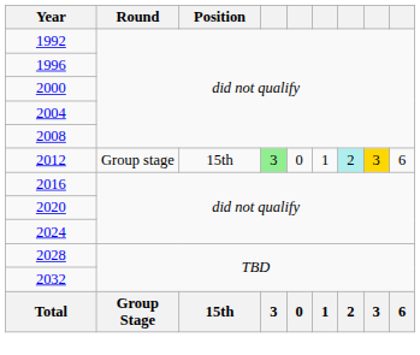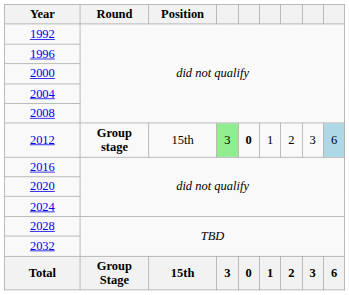 <table class="wikitable" style="text-align: center;">
 <tr>
 <th width="90">Year</th>
 <th width="80">Round</th>
 <th width="80">Position</th>
 <th width="20"></th>
 <th width="20"></th>
 <th width="20"></th>
 <th width="20"></th>
 <th width="20"></th>
 <th width="20"></th>
 </tr>
 <tr>
 <td> <a href='#'>1992</a></td>
 <td rowspan=5 colspan=8><em>did not qualify</em></td>
 </tr>
 <tr>
 <td> <a href='#'>1996</a></td>
 </tr>
 <tr>
 <td> <a href='#'>2000</a></td>
 </tr>
 <tr>
 <td> <a href='#'>2004</a></td>
 </tr>
 <tr>
 <td> <a href='#'>2008</a></td>
 </tr>
 <tr>
 <td> <a href='#'>2012</a></td>
-<td>Group stage</td>
+<td><strong>Group stage</strong></td>
 <td>15th</td>
 <td style="background: lightgreen;">3</td>
-<td>0</td>
+<td><strong>0</strong></td>
 <td>1</td>
-<td style="background: paleturquoise;">2</td>
-<td style="background: gold;">3</td>
-<td>6</td>
+<td>2</td>
+<td>3</td>
+<td style="background: lightblue;">6</td>
 </tr>
 <tr>
 <td> <a href='#'>2016</a></td>
 <td rowspan=3 colspan=8><em>did not qualify</em></td>
 </tr>
 <tr>
 <td> <a href='#'>2020</a></td>
 </tr>
 <tr>
 <td> <a href='#'>2024</a></td>
 </tr>
 <tr>
 <td> <a href='#'>2028</a></td>
 <td rowspan=2 colspan=8><em>TBD</em></td>
 </tr>
 <tr>
 <td> <a href='#'>2032</a></td>
 </tr>
 <tr>
 <th>Total</th>
 <th>Group Stage</th>
 <th>15th</th>
 <th>3</th>
 <th>0</th>
 <th>1</th>
 <th>2</th>
 <th>3</th>
 <th>6</th>
 </tr>
 </table>
